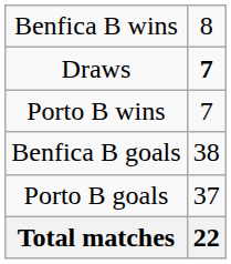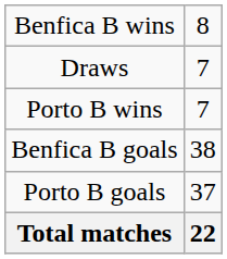 <table class="wikitable" style="text-align:center">
 <tr>
 <td>Benfica B wins</td>
 <td>8</td>
 </tr>
 <tr>
 <td>Draws</td>
-<td><strong>7</strong></td>
+<td>7</td>
 </tr>
 <tr>
 <td>Porto B wins</td>
 <td>7</td>
 </tr>
 <tr>
 <td>Benfica B goals</td>
 <td>38</td>
 </tr>
 <tr>
 <td>Porto B goals</td>
 <td>37</td>
 </tr>
 <tr>
 <th><strong>Total matches</strong></th>
 <th><strong>22</strong></th>
 </tr>
 </table>
